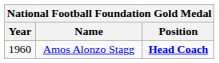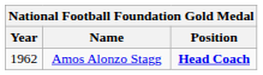 <table class="wikitable">
 <tr align="center">
 <th colspan=5>National Football Foundation Gold Medal</th>
 </tr>
 <tr>
 <th>Year</th>
 <th>Name</th>
 <th>Position</th>
 </tr>
 <tr align="center" bgcolor="">
-<td>1960</td>
+<td>1962</td>
 <td><a href='#'>Amos Alonzo Stagg</a></td>
 <td><strong><a href='#'>Head Coach</a></strong></td>
 </tr>
 </table>
